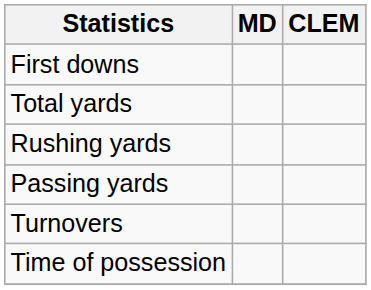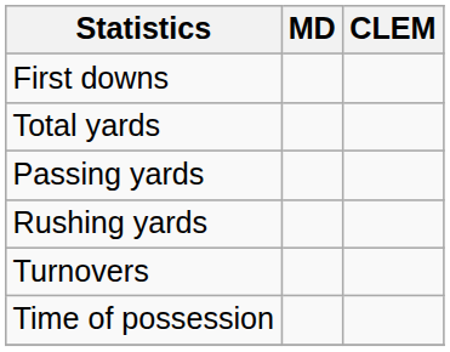 <table class="wikitable">
 <tr>
 <th>Statistics</th>
 <th>MD</th>
 <th>CLEM</th>
 </tr>
 <tr>
 <td>First downs</td>
 <td></td>
 <td></td>
 </tr>
 <tr>
 <td>Total yards</td>
 <td></td>
 <td></td>
 </tr>
 <tr>
-<td>Rushing yards</td>
+<td>Passing yards</td>
 <td></td>
 <td></td>
 </tr>
 <tr>
-<td>Passing yards</td>
+<td>Rushing yards</td>
 <td></td>
 <td></td>
 </tr>
 <tr>
 <td>Turnovers</td>
 <td></td>
 <td></td>
 </tr>
 <tr>
 <td>Time of possession</td>
 <td></td>
 <td></td>
 </tr>
 <tr>
 </tr>
 </table>
